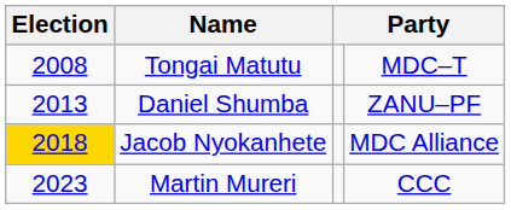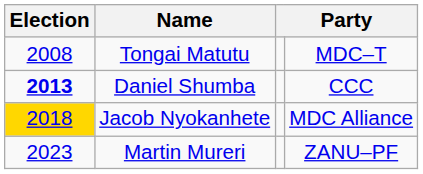 <table class="wikitable" style="text-align:center">
 <tr>
 <th>Election</th>
 <th>Name</th>
 <th colspan="2">Party</th>
 </tr>
 <tr>
 <td><a href='#'>2008</a></td>
 <td><a href='#'>Tongai Matutu</a></td>
 <td style="background-color: "></td>
 <td><a href='#'>MDC–T</a></td>
 </tr>
 <tr>
-<td><a href='#'>2013</a></td>
+<td><strong><a href='#'>2013</a></strong></td>
 <td><a href='#'>Daniel Shumba</a></td>
 <td style="background-color: "></td>
-<td><a href='#'>ZANU–PF</a></td>
+<td><a href='#'>CCC</a></td>
 </tr>
 <tr>
 <td style="background: gold;"><a href='#'>2018</a></td>
 <td><a href='#'>Jacob Nyokanhete</a></td>
 <td style="background-color: "></td>
 <td><a href='#'>MDC Alliance</a></td>
 </tr>
 <tr>
 <td><a href='#'>2023</a></td>
 <td><a href='#'>Martin Mureri</a></td>
 <td style="background-color: "></td>
-<td><a href='#'>CCC</a></td>
+<td><a href='#'>ZANU–PF</a></td>
 </tr>
 </table>
